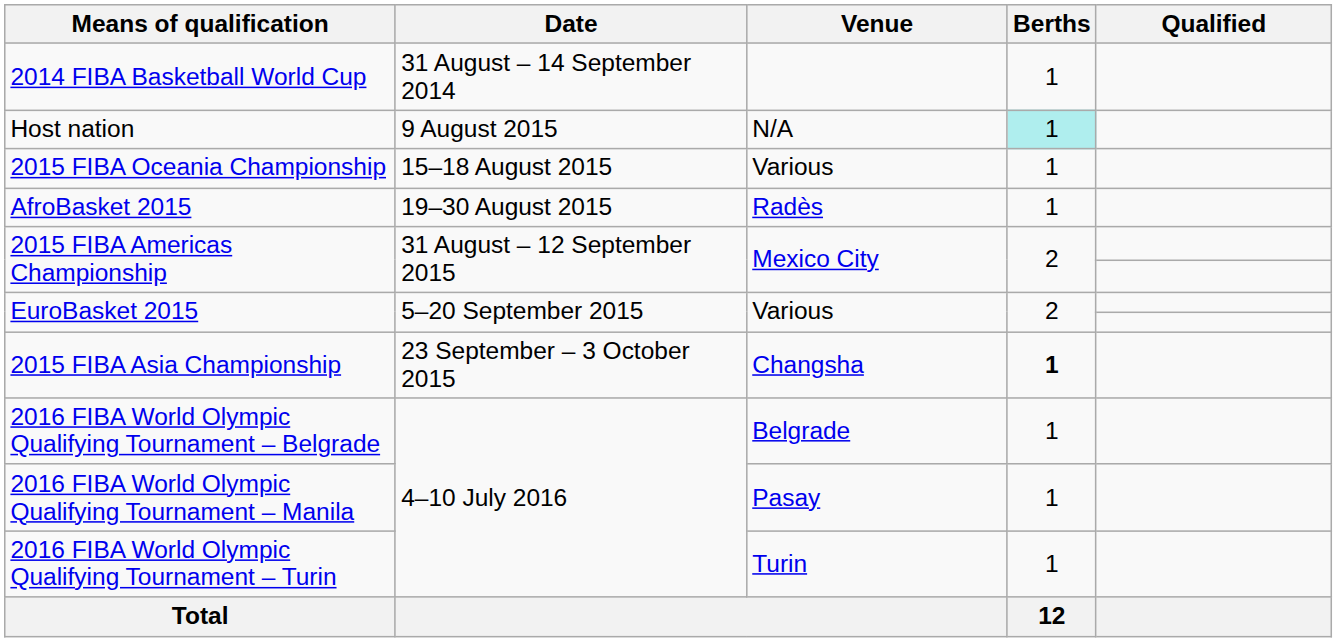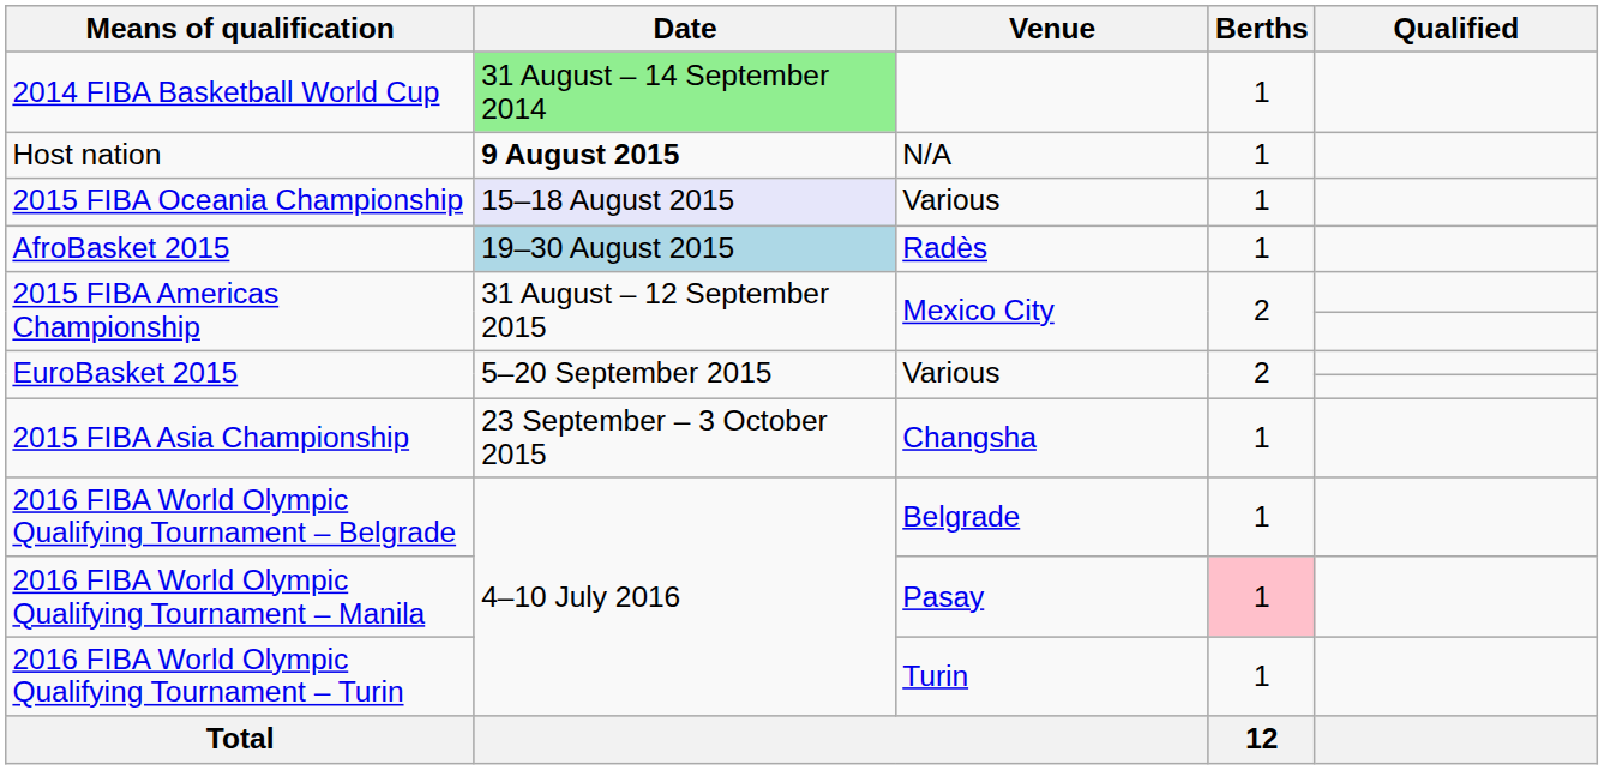 <table class="wikitable">
 <tr>
 <th width=30%>Means of qualification</th>
 <th width=27%>Date</th>
 <th width=20%>Venue</th>
 <th width=5%>Berths</th>
 <th width=18%>Qualified</th>
 </tr>
 <tr>
 <td><a href='#'>2014 FIBA Basketball World Cup</a></td>
-<td>31 August – 14 September 2014</td>
+<td style="background: lightgreen;">31 August – 14 September 2014</td>
 <td></td>
 <td style="text-align:center;">1</td>
 <td></td>
 </tr>
 <tr>
 <td>Host nation</td>
-<td>9 August 2015</td>
+<td><strong>9 August 2015</strong></td>
 <td>N/A</td>
-<td style="background: paleturquoise; text-align:center;">1</td>
+<td style="text-align:center;">1</td>
 <td></td>
 </tr>
 <tr>
 <td><a href='#'>2015 FIBA Oceania Championship</a></td>
-<td>15–18 August 2015</td>
+<td style="background: lavender;">15–18 August 2015</td>
 <td>Various</td>
 <td style="text-align:center;">1</td>
 <td></td>
 </tr>
 <tr>
 <td><a href='#'>AfroBasket 2015</a></td>
-<td>19–30 August 2015</td>
+<td style="background: lightblue;">19–30 August 2015</td>
 <td> <a href='#'>Radès</a></td>
 <td style="text-align:center;">1</td>
 <td></td>
 </tr>
 <tr>
 <td rowspan="2"><a href='#'>2015 FIBA Americas Championship</a></td>
 <td rowspan="2">31 August – 12 September 2015</td>
 <td rowspan="2"> <a href='#'>Mexico City</a></td>
 <td rowspan="2" style="text-align:center;">2</td>
 <td></td>
 </tr>
 <tr>
 <td></td>
 </tr>
 <tr>
 <td rowspan="2"><a href='#'>EuroBasket 2015</a></td>
 <td rowspan="2">5–20 September 2015</td>
 <td rowspan="2">Various</td>
 <td rowspan="2" style="text-align:center;">2</td>
 <td></td>
 </tr>
 <tr>
 <td></td>
 </tr>
 <tr>
 <td><a href='#'>2015 FIBA Asia Championship</a></td>
 <td>23 September – 3 October 2015</td>
 <td> <a href='#'>Changsha</a></td>
-<td style="text-align:center;"><strong>1</strong></td>
+<td style="text-align:center;">1</td>
 <td></td>
 </tr>
 <tr>
 <td><a href='#'>2016 FIBA World Olympic Qualifying Tournament – Belgrade</a></td>
 <td rowspan="3">4–10 July 2016</td>
 <td> <a href='#'>Belgrade</a></td>
 <td style="text-align:center;">1</td>
 <td></td>
 </tr>
 <tr>
 <td><a href='#'>2016 FIBA World Olympic Qualifying Tournament – Manila</a></td>
 <td> <a href='#'>Pasay</a></td>
-<td style="text-align:center;">1</td>
+<td style="background: pink; text-align:center;">1</td>
 <td></td>
 </tr>
 <tr>
 <td><a href='#'>2016 FIBA World Olympic Qualifying Tournament – Turin</a></td>
 <td> <a href='#'>Turin</a></td>
 <td style="text-align:center;">1</td>
 <td></td>
 </tr>
 <tr>
 <th>Total</th>
 <th colspan="2"></th>
 <th>12</th>
 <th></th>
 </tr>
 </table>
